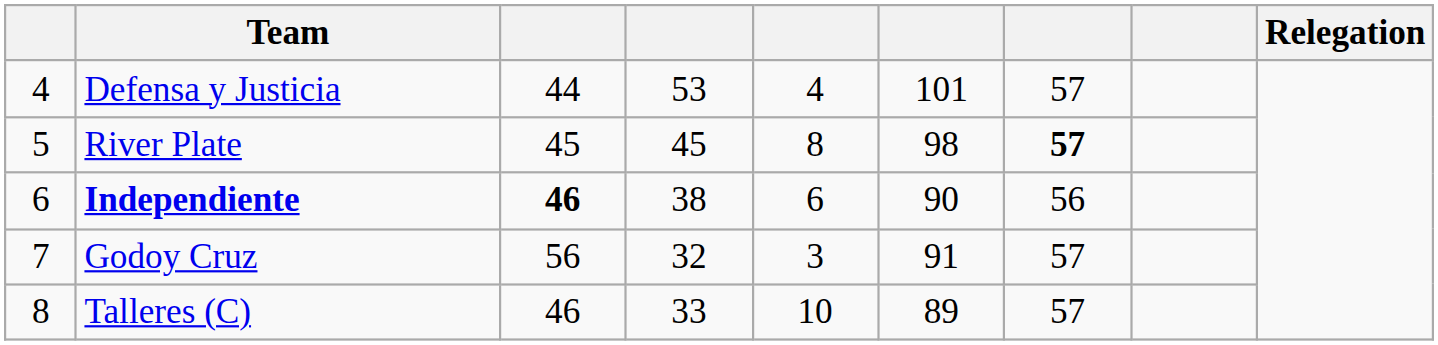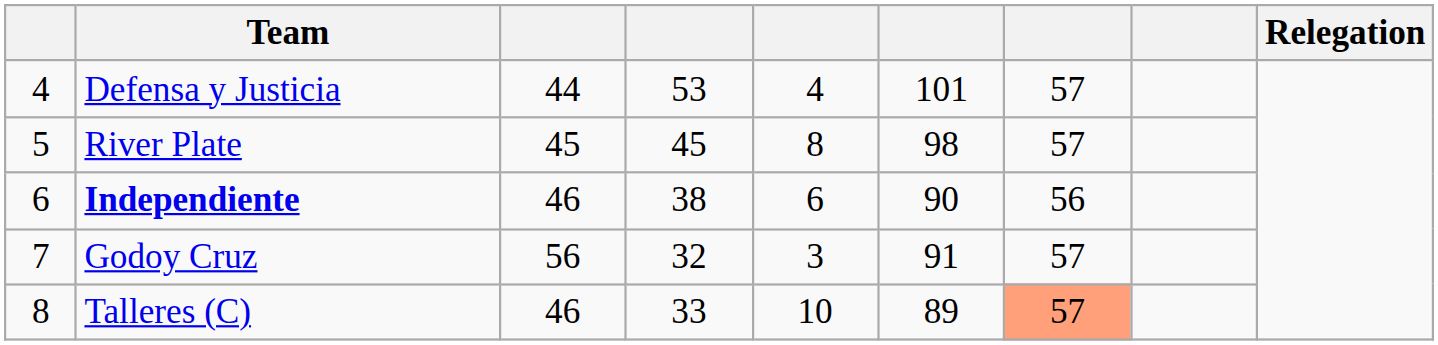 <table class="wikitable sortable" style="text-align: center;">
 <tr>
 <th width=25></th>
 <th width=185>Team</th>
 <th width=50></th>
 <th width=50></th>
 <th width=50></th>
 <th width=50></th>
 <th width=50></th>
 <th width=50></th>
 <th>Relegation</th>
 </tr>
 <tr>
 <td>4</td>
 <td align="left"><a href='#'>Defensa y Justicia</a></td>
 <td>44</td>
 <td>53</td>
 <td>4</td>
 <td>101</td>
 <td>57</td>
 <td><strong></strong></td>
 </tr>
 <tr>
 <td>5</td>
 <td align="left"><a href='#'>River Plate</a></td>
 <td>45</td>
 <td>45</td>
 <td>8</td>
 <td>98</td>
-<td><strong>57</strong></td>
+<td>57</td>
 <td><strong></strong></td>
 </tr>
 <tr>
 <td>6</td>
 <td align="left"><strong><a href='#'>Independiente</a></strong></td>
-<td><strong>46</strong></td>
+<td>46</td>
 <td>38</td>
 <td>6</td>
 <td>90</td>
 <td>56</td>
 <td><strong></strong></td>
 </tr>
 <tr>
 <td>7</td>
 <td align="left"><a href='#'>Godoy Cruz</a></td>
 <td>56</td>
 <td>32</td>
 <td>3</td>
 <td>91</td>
 <td>57</td>
 <td><strong></strong></td>
 </tr>
 <tr>
 <td>8</td>
 <td align="left"><a href='#'>Talleres (C)</a></td>
 <td>46</td>
 <td>33</td>
 <td>10</td>
 <td>89</td>
-<td>57</td>
+<td style="background: lightsalmon;">57</td>
 <td><strong></strong></td>
 </tr>
 </table>
